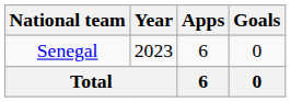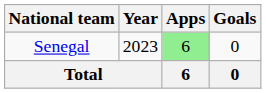 <table class="wikitable" style="text-align:center">
 <tr>
 <th>National team</th>
 <th>Year</th>
 <th>Apps</th>
 <th>Goals</th>
 </tr>
 <tr>
 <td rowspan=1><a href='#'>Senegal</a></td>
 <td>2023</td>
-<td>6</td>
+<td style="background: lightgreen;">6</td>
 <td>0</td>
 </tr>
 <tr>
 <th colspan="2">Total</th>
 <th>6</th>
 <th>0</th>
 </tr>
 </table>
